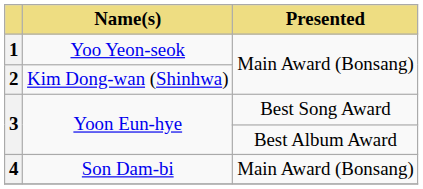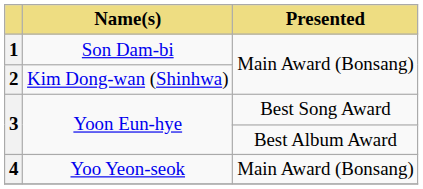 <table class="wikitable" style="text-align:center;">
 <tr>
 <th scope="col" style="background:#EEDD82;"></th>
 <th scope="col" style="background:#EEDD82;">Name(s)</th>
 <th scope="col" style="background:#EEDD82;">Presented</th>
 </tr>
 <tr>
 <th scope="col">1</th>
-<td><a href='#'>Yoo Yeon-seok</a></td>
+<td><a href='#'>Son Dam-bi</a></td>
 <td rowspan="2">Main Award (Bonsang)</td>
 </tr>
 <tr>
 <th scope="col">2</th>
 <td><a href='#'>Kim Dong-wan</a> (<a href='#'>Shinhwa</a>)</td>
 </tr>
 <tr>
 <th scope="col" rowspan="2">3</th>
 <td rowspan="2"><a href='#'>Yoon Eun-hye</a></td>
 <td>Best Song Award</td>
 </tr>
 <tr>
 <td>Best Album Award</td>
 </tr>
 <tr>
 <th scope="col">4</th>
-<td><a href='#'>Son Dam-bi</a></td>
+<td><a href='#'>Yoo Yeon-seok</a></td>
 <td>Main Award (Bonsang)</td>
 </tr>
 <tr>
 </tr>
 </table>
